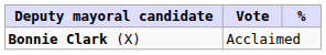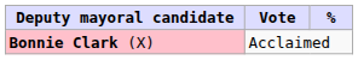 <table class="wikitable">
 <tr>
 <th style="background:#ddf; width:200px;">Deputy mayoral candidate</th>
 <th style="background:#ddf; width:50px;">Vote</th>
 <th style="background:#ddf; width:30px;">%</th>
 </tr>
 <tr>
-<td><strong>Bonnie Clark</strong> (X)</td>
+<td style="background: pink;"><strong>Bonnie Clark</strong> (X)</td>
 <td colspan="2">Acclaimed</td>
 </tr>
 </table>
